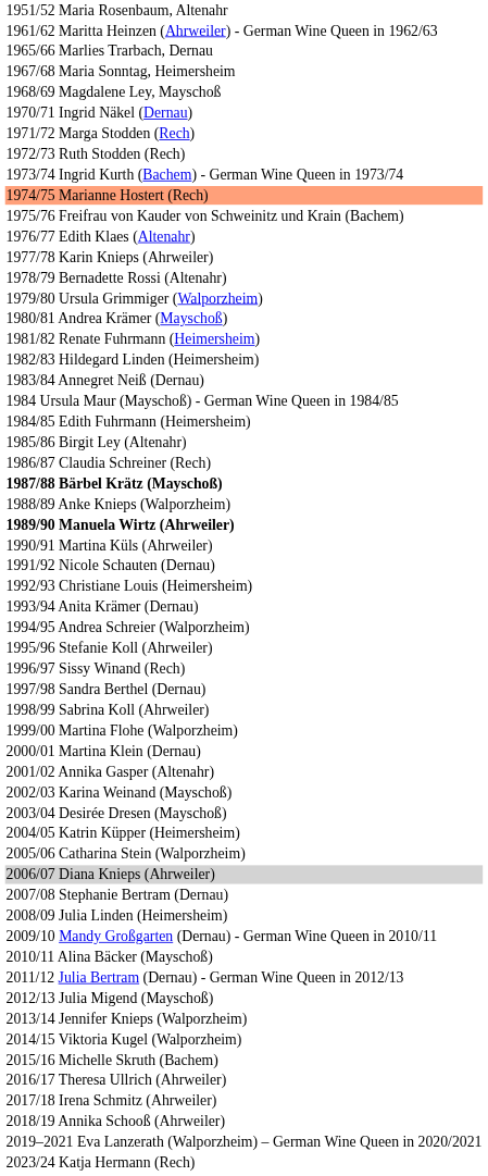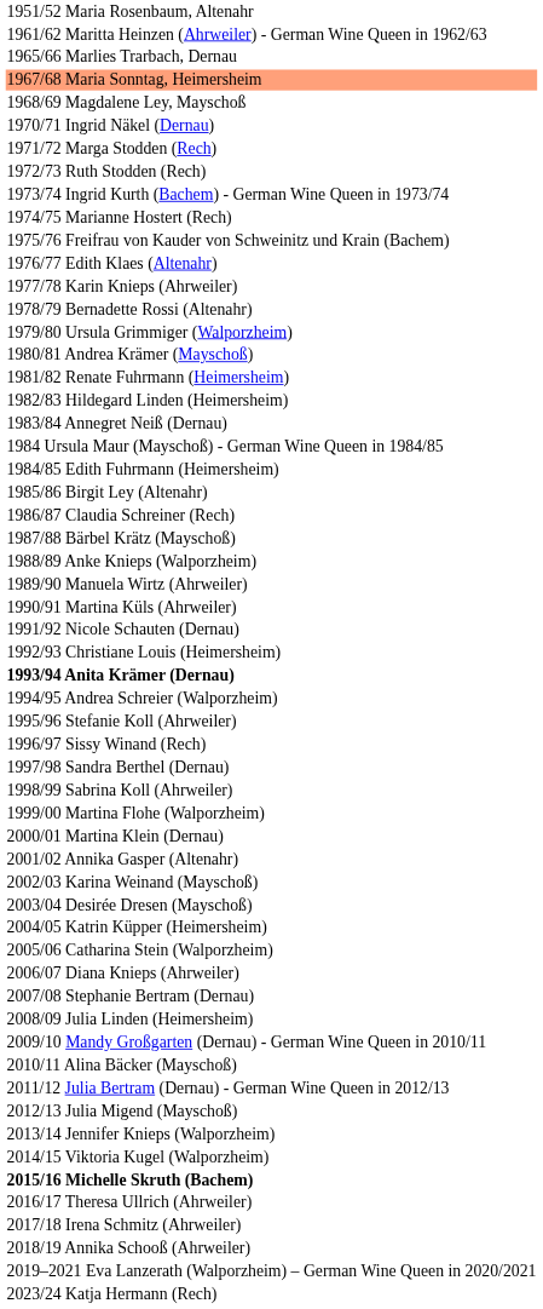 <table>
 <tr>
 <td>1951/52  Maria Rosenbaum, Altenahr</td>
 </tr>
 <tr>
 <td>1961/62 Maritta Heinzen (<a href='#'>Ahrweiler</a>) - German Wine Queen in 1962/63</td>
 </tr>
 <tr>
 <td>1965/66 Marlies Trarbach, Dernau</td>
 </tr>
 <tr>
-<td>1967/68 Maria Sonntag, Heimersheim</td>
+<td style="background: lightsalmon;">1967/68 Maria Sonntag, Heimersheim</td>
 </tr>
 <tr>
 <td>1968/69 Magdalene Ley, Mayschoß</td>
 </tr>
 <tr>
 <td>1970/71 Ingrid Näkel (<a href='#'>Dernau</a>)</td>
 </tr>
 <tr>
 <td>1971/72 Marga Stodden (<a href='#'>Rech</a>)</td>
 </tr>
 <tr>
 <td>1972/73 Ruth Stodden (Rech)</td>
 </tr>
 <tr>
 <td>1973/74 Ingrid Kurth (<a href='#'>Bachem</a>) - German Wine Queen in 1973/74</td>
 </tr>
 <tr>
-<td style="background: lightsalmon;">1974/75 Marianne Hostert (Rech)</td>
+<td>1974/75 Marianne Hostert (Rech)</td>
 </tr>
 <tr>
 <td>1975/76 Freifrau von Kauder von Schweinitz und Krain (Bachem)</td>
 </tr>
 <tr>
 <td>1976/77 Edith Klaes (<a href='#'>Altenahr</a>)</td>
 </tr>
 <tr>
 <td>1977/78 Karin Knieps (Ahrweiler)</td>
 </tr>
 <tr>
 <td>1978/79 Bernadette Rossi (Altenahr)</td>
 </tr>
 <tr>
 <td>1979/80 Ursula Grimmiger (<a href='#'>Walporzheim</a>)</td>
 </tr>
 <tr>
 <td>1980/81 Andrea Krämer (<a href='#'>Mayschoß</a>)</td>
 </tr>
 <tr>
 <td>1981/82 Renate Fuhrmann (<a href='#'>Heimersheim</a>)</td>
 </tr>
 <tr>
 <td>1982/83 Hildegard Linden (Heimersheim)</td>
 </tr>
 <tr>
 <td>1983/84 Annegret Neiß (Dernau)</td>
 </tr>
 <tr>
 <td>1984 Ursula Maur (Mayschoß) - German Wine Queen in 1984/85</td>
 </tr>
 <tr>
 <td>1984/85 Edith Fuhrmann (Heimersheim)</td>
 </tr>
 <tr>
 <td>1985/86 Birgit Ley  (Altenahr)</td>
 </tr>
 <tr>
 <td>1986/87 Claudia Schreiner (Rech)</td>
 </tr>
 <tr>
-<td><strong>1987/88 Bärbel Krätz (Mayschoß)</strong></td>
+<td>1987/88 Bärbel Krätz (Mayschoß)</td>
 </tr>
 <tr>
 <td>1988/89 Anke Knieps (Walporzheim)</td>
 </tr>
 <tr>
-<td><strong>1989/90 Manuela Wirtz (Ahrweiler)</strong></td>
+<td>1989/90 Manuela Wirtz (Ahrweiler)</td>
 </tr>
 <tr>
 <td>1990/91 Martina Küls (Ahrweiler)</td>
 </tr>
 <tr>
 <td>1991/92 Nicole Schauten (Dernau)</td>
 </tr>
 <tr>
 <td>1992/93 Christiane Louis (Heimersheim)</td>
 </tr>
 <tr>
-<td>1993/94 Anita Krämer (Dernau)</td>
+<td><strong>1993/94 Anita Krämer (Dernau)</strong></td>
 </tr>
 <tr>
 <td>1994/95 Andrea Schreier (Walporzheim)</td>
 </tr>
 <tr>
 <td>1995/96 Stefanie Koll (Ahrweiler)</td>
 </tr>
 <tr>
 <td>1996/97 Sissy Winand (Rech)</td>
 </tr>
 <tr>
 <td>1997/98 Sandra Berthel (Dernau)</td>
 </tr>
 <tr>
 <td>1998/99 Sabrina Koll (Ahrweiler)</td>
 </tr>
 <tr>
 <td>1999/00 Martina Flohe (Walporzheim)</td>
 </tr>
 <tr>
 <td>2000/01 Martina Klein (Dernau)</td>
 </tr>
 <tr>
 <td>2001/02 Annika Gasper (Altenahr)</td>
 </tr>
 <tr>
 <td>2002/03 Karina Weinand (Mayschoß)</td>
 </tr>
 <tr>
 <td>2003/04 Desirée Dresen (Mayschoß)</td>
 </tr>
 <tr>
 <td>2004/05 Katrin Küpper (Heimersheim)</td>
 </tr>
 <tr>
 <td>2005/06 Catharina Stein (Walporzheim)</td>
 </tr>
 <tr>
-<td style="background: lightgrey;">2006/07 Diana Knieps (Ahrweiler)</td>
+<td>2006/07 Diana Knieps (Ahrweiler)</td>
 </tr>
 <tr>
 <td>2007/08 Stephanie Bertram (Dernau)</td>
 </tr>
 <tr>
 <td>2008/09 Julia Linden (Heimersheim)</td>
 </tr>
 <tr>
 <td>2009/10 <a href='#'>Mandy Großgarten</a> (Dernau) - German Wine Queen in 2010/11</td>
 </tr>
 <tr>
 <td>2010/11 Alina Bäcker (Mayschoß)</td>
 </tr>
 <tr>
 <td>2011/12 <a href='#'>Julia Bertram</a> (Dernau) - German Wine Queen in 2012/13</td>
 </tr>
 <tr>
 <td>2012/13 Julia Migend (Mayschoß)</td>
 </tr>
 <tr>
 <td>2013/14 Jennifer Knieps (Walporzheim)</td>
 </tr>
 <tr>
 <td>2014/15 Viktoria Kugel (Walporzheim)</td>
 </tr>
 <tr>
-<td>2015/16 Michelle Skruth (Bachem)</td>
+<td><strong>2015/16 Michelle Skruth (Bachem)</strong></td>
 </tr>
 <tr>
 <td>2016/17 Theresa Ullrich (Ahrweiler)</td>
 </tr>
 <tr>
 <td>2017/18 Irena Schmitz (Ahrweiler)</td>
 </tr>
 <tr>
 <td>2018/19 Annika Schooß (Ahrweiler)</td>
 </tr>
 <tr>
 <td>2019–2021 Eva Lanzerath (Walporzheim) – German Wine Queen in 2020/2021</td>
 </tr>
 <tr>
 <td>2023/24 Katja Hermann (Rech)</td>
 </tr>
 </table>
